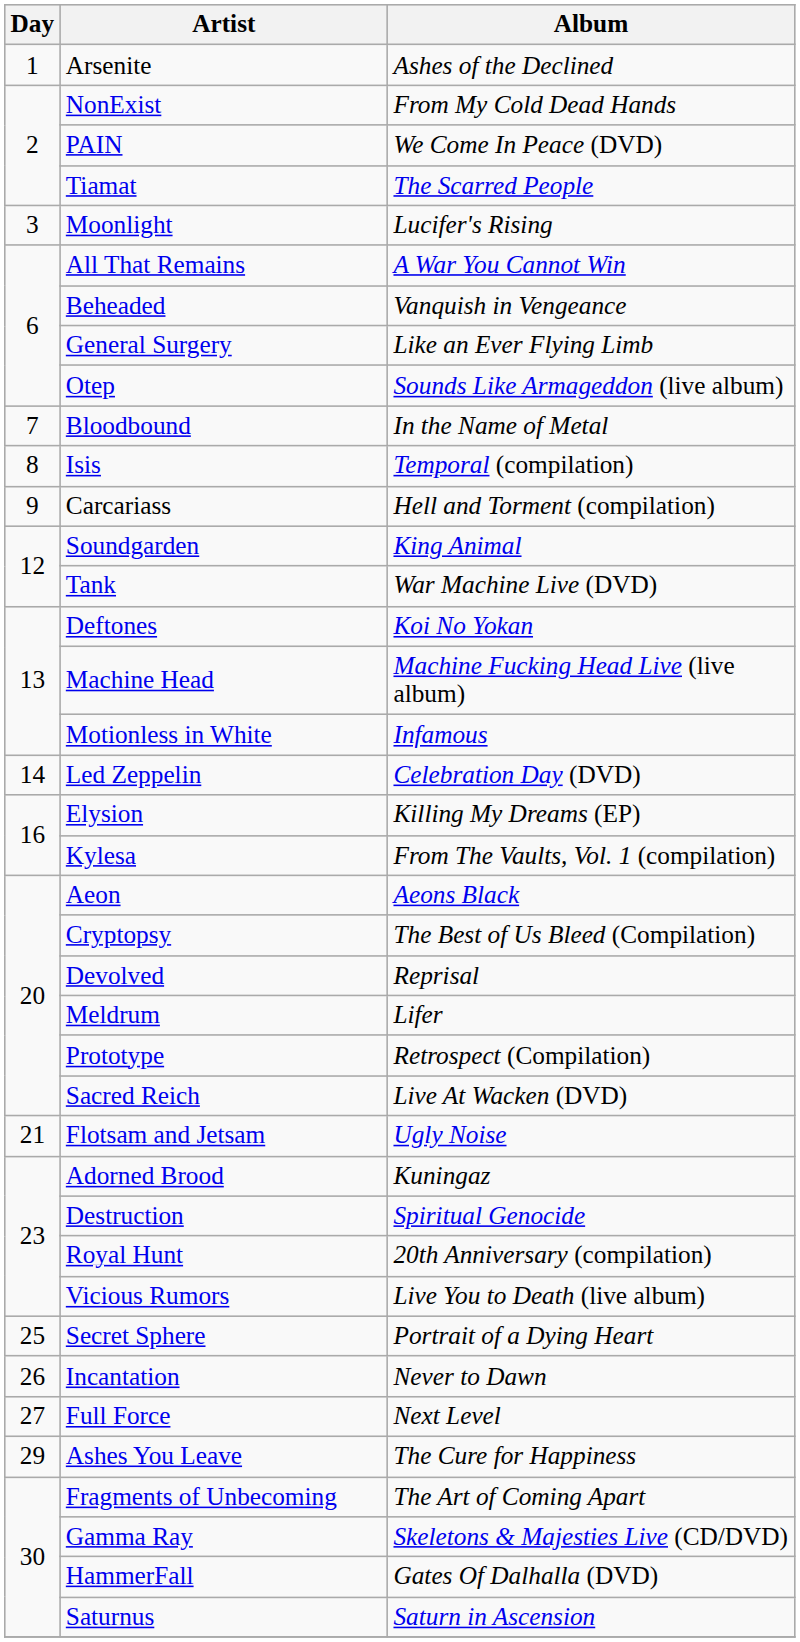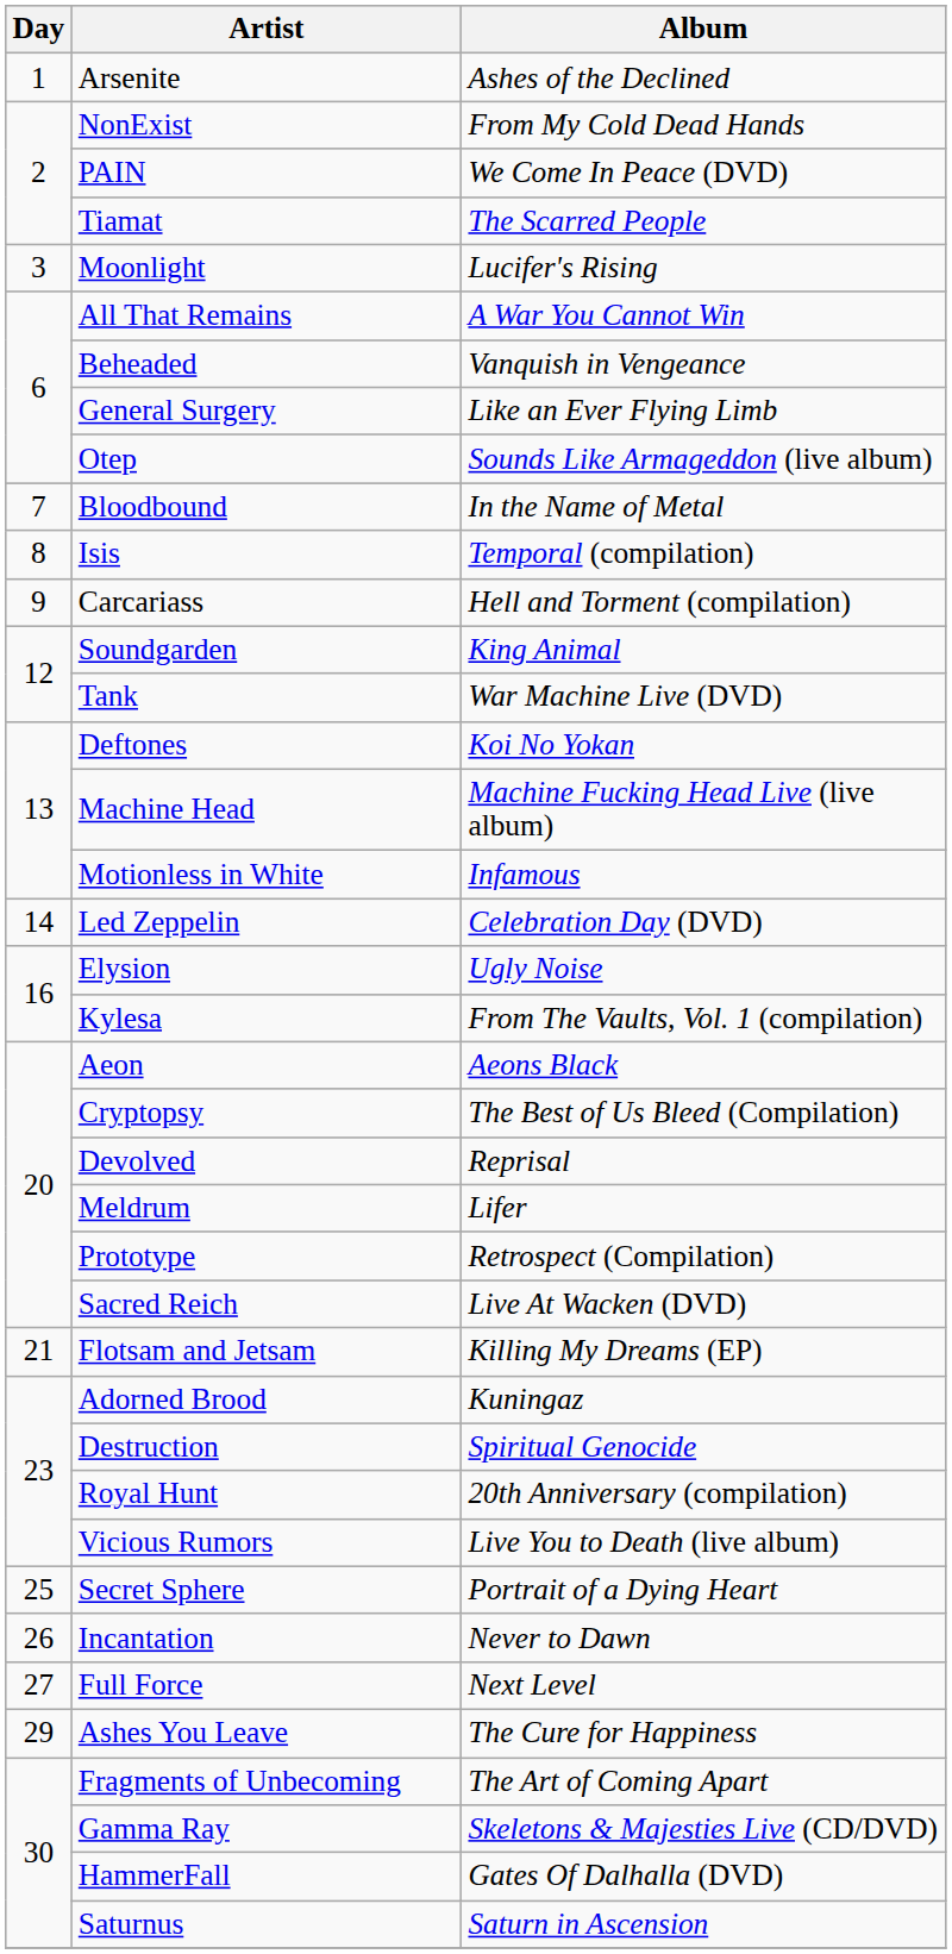 <table class="wikitable">
 <tr>
 <th style="width:20px;">Day</th>
 <th style="width:200px;">Artist</th>
 <th style="width:250px;">Album</th>
 </tr>
 <tr>
 <td style="text-align:center;" rowspan="1">1</td>
 <td>Arsenite</td>
 <td><em>Ashes of the Declined</em></td>
 </tr>
 <tr>
 <td style="text-align:center;" rowspan="3">2</td>
 <td><a href='#'>NonExist</a></td>
 <td><em>From My Cold Dead Hands</em></td>
 </tr>
 <tr>
 <td><a href='#'>PAIN</a></td>
 <td><em>We Come In Peace</em> (DVD)</td>
 </tr>
 <tr>
 <td><a href='#'>Tiamat</a></td>
 <td><em><a href='#'>The Scarred People</a></em></td>
 </tr>
 <tr>
 <td style="text-align:center;" rowspan="1">3</td>
 <td><a href='#'>Moonlight</a></td>
 <td><em>Lucifer's Rising</em></td>
 </tr>
 <tr>
 <td style="text-align:center;" rowspan="4">6</td>
 <td><a href='#'>All That Remains</a></td>
 <td><em><a href='#'>A War You Cannot Win</a></em></td>
 </tr>
 <tr>
 <td><a href='#'>Beheaded</a></td>
 <td><em>Vanquish in Vengeance</em></td>
 </tr>
 <tr>
 <td><a href='#'>General Surgery</a></td>
 <td><em>Like an Ever Flying Limb</em></td>
 </tr>
 <tr>
 <td><a href='#'>Otep</a></td>
 <td><em><a href='#'>Sounds Like Armageddon</a></em> (live album)</td>
 </tr>
 <tr>
 <td style="text-align:center;" rowspan="1">7</td>
 <td><a href='#'>Bloodbound</a></td>
 <td><em>In the Name of Metal</em></td>
 </tr>
 <tr>
 <td style="text-align:center;" rowspan="1">8</td>
 <td><a href='#'>Isis</a></td>
 <td><em><a href='#'>Temporal</a></em> (compilation)</td>
 </tr>
 <tr>
 <td style="text-align:center;" rowspan="1">9</td>
 <td>Carcariass</td>
 <td><em>Hell and Torment</em> (compilation)</td>
 </tr>
 <tr>
 <td style="text-align:center;" rowspan="2">12</td>
 <td><a href='#'>Soundgarden</a></td>
 <td><em><a href='#'>King Animal</a></em></td>
 </tr>
 <tr>
 <td><a href='#'>Tank</a></td>
 <td><em>War Machine Live</em> (DVD)</td>
 </tr>
 <tr>
 <td style="text-align:center;" rowspan="3">13</td>
 <td><a href='#'>Deftones</a></td>
 <td><em><a href='#'>Koi No Yokan</a></em></td>
 </tr>
 <tr>
 <td><a href='#'>Machine Head</a></td>
 <td><em><a href='#'>Machine Fucking Head Live</a></em> (live album)</td>
 </tr>
 <tr>
 <td><a href='#'>Motionless in White</a></td>
 <td><em><a href='#'>Infamous</a></em></td>
 </tr>
 <tr>
 <td style="text-align:center;" rowspan="1">14</td>
 <td><a href='#'>Led Zeppelin</a></td>
 <td><em><a href='#'>Celebration Day</a></em> (DVD)</td>
 </tr>
 <tr>
 <td style="text-align:center;" rowspan="2">16</td>
 <td><a href='#'>Elysion</a></td>
-<td><em>Killing My Dreams</em> (EP)</td>
+<td><em><a href='#'>Ugly Noise</a></em></td>
 </tr>
 <tr>
 <td><a href='#'>Kylesa</a></td>
 <td><em>From The Vaults, Vol. 1</em> (compilation)</td>
 </tr>
 <tr>
 <td style="text-align:center;" rowspan="6">20</td>
 <td><a href='#'>Aeon</a></td>
 <td><em><a href='#'>Aeons Black</a></em></td>
 </tr>
 <tr>
 <td><a href='#'>Cryptopsy</a></td>
 <td><em>The Best of Us Bleed</em> (Compilation)</td>
 </tr>
 <tr>
 <td><a href='#'>Devolved</a></td>
 <td><em>Reprisal</em></td>
 </tr>
 <tr>
 <td><a href='#'>Meldrum</a></td>
 <td><em>Lifer</em></td>
 </tr>
 <tr>
 <td><a href='#'>Prototype</a></td>
 <td><em>Retrospect</em> (Compilation)</td>
 </tr>
 <tr>
 <td><a href='#'>Sacred Reich</a></td>
 <td><em>Live At Wacken</em> (DVD)</td>
 </tr>
 <tr>
 <td style="text-align:center;" rowspan="1">21</td>
 <td><a href='#'>Flotsam and Jetsam</a></td>
-<td><em><a href='#'>Ugly Noise</a></em></td>
+<td><em>Killing My Dreams</em> (EP)</td>
 </tr>
 <tr>
 <td style="text-align:center;" rowspan="4">23</td>
 <td><a href='#'>Adorned Brood</a></td>
 <td><em>Kuningaz</em></td>
 </tr>
 <tr>
 <td><a href='#'>Destruction</a></td>
 <td><em><a href='#'>Spiritual Genocide</a></em></td>
 </tr>
 <tr>
 <td><a href='#'>Royal Hunt</a></td>
 <td><em>20th Anniversary</em> (compilation)</td>
 </tr>
 <tr>
 <td><a href='#'>Vicious Rumors</a></td>
 <td><em>Live You to Death</em> (live album)</td>
 </tr>
 <tr>
 <td style="text-align:center;" rowspan="1">25</td>
 <td><a href='#'>Secret Sphere</a></td>
 <td><em>Portrait of a Dying Heart</em></td>
 </tr>
 <tr>
 <td style="text-align:center;" rowspan="1">26</td>
 <td><a href='#'>Incantation</a></td>
 <td><em>Never to Dawn</em></td>
 </tr>
 <tr>
 <td style="text-align:center;" rowspan="1">27</td>
 <td><a href='#'>Full Force</a></td>
 <td><em>Next Level</em></td>
 </tr>
 <tr>
 <td style="text-align:center;" rowspan="1">29</td>
 <td><a href='#'>Ashes You Leave</a></td>
 <td><em>The Cure for Happiness</em></td>
 </tr>
 <tr>
 <td style="text-align:center;" rowspan="4">30</td>
 <td><a href='#'>Fragments of Unbecoming</a></td>
 <td><em>The Art of Coming Apart</em></td>
 </tr>
 <tr>
 <td><a href='#'>Gamma Ray</a></td>
 <td><em><a href='#'>Skeletons & Majesties Live</a></em> (CD/DVD)</td>
 </tr>
 <tr>
 <td><a href='#'>HammerFall</a></td>
 <td><em>Gates Of Dalhalla</em> (DVD)</td>
 </tr>
 <tr>
 <td><a href='#'>Saturnus</a></td>
 <td><em><a href='#'>Saturn in Ascension</a></em></td>
 </tr>
 <tr>
 </tr>
 </table>
